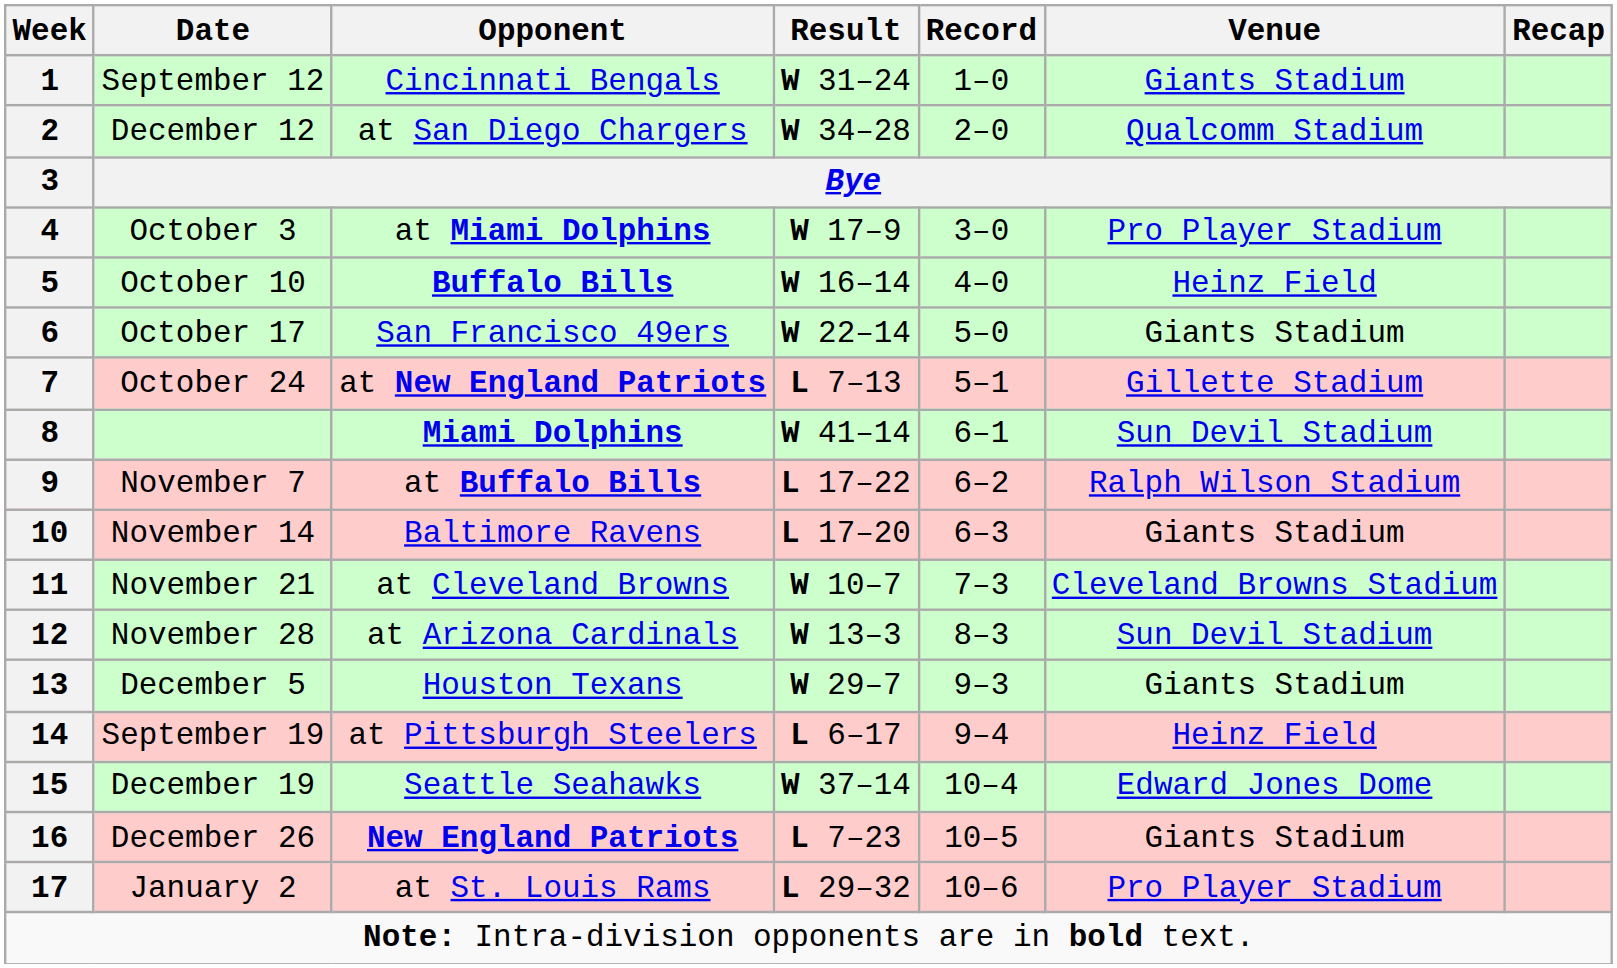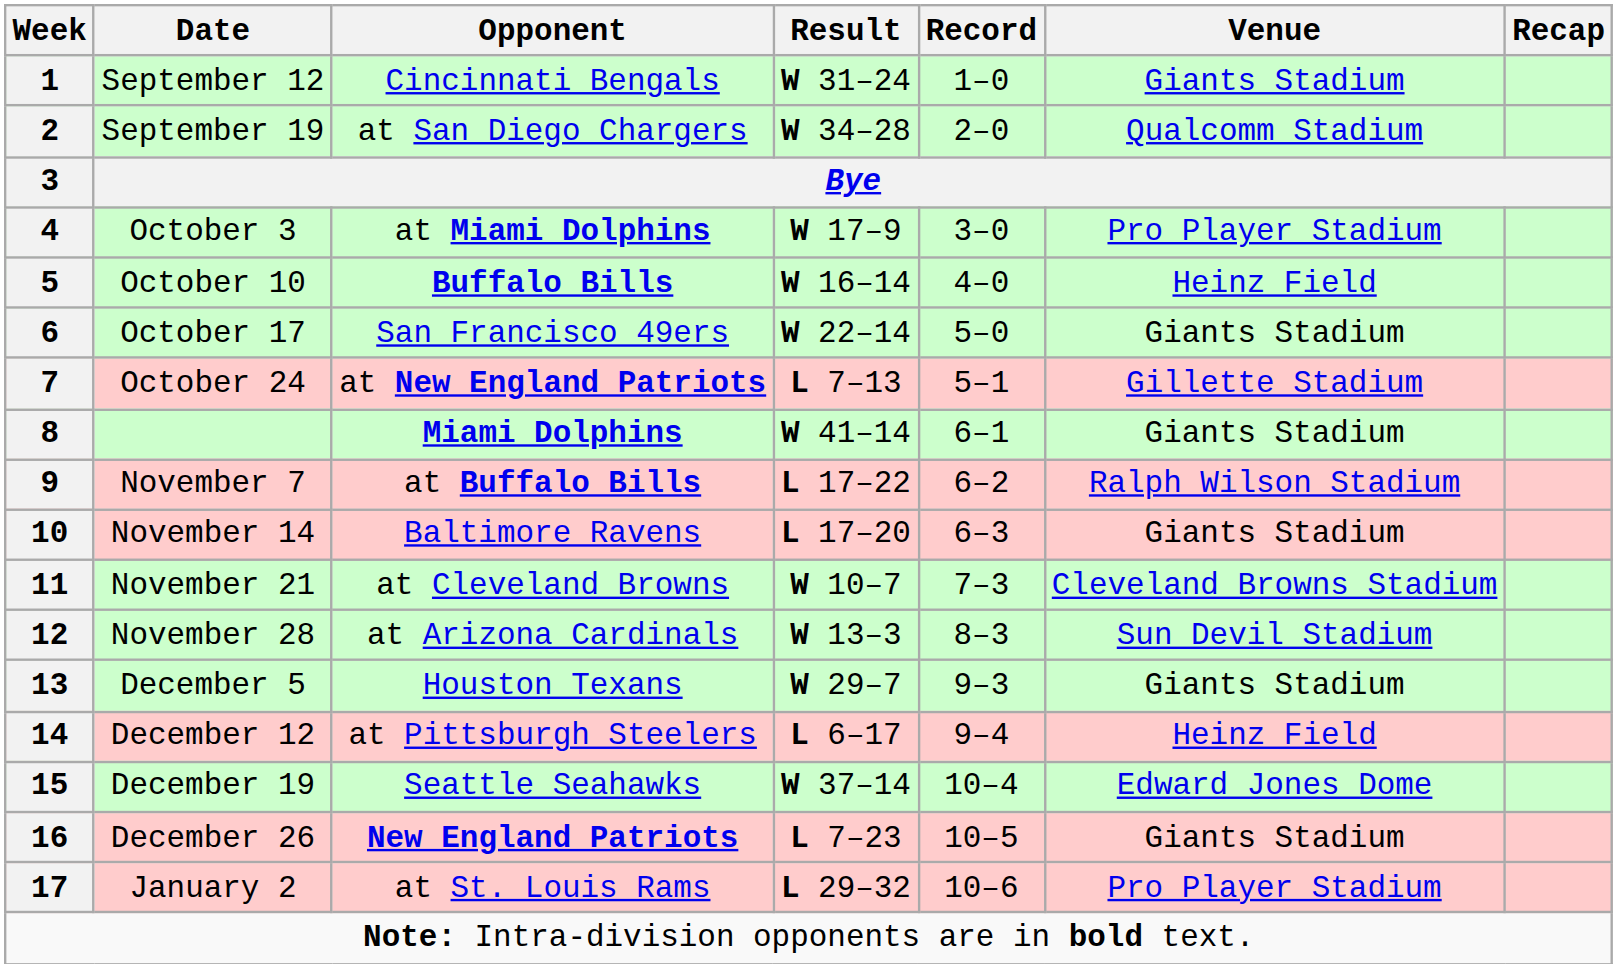 <table class="wikitable"style="text-align:center">
 <tr>
 <th>Week</th>
 <th>Date</th>
 <th>Opponent</th>
 <th>Result</th>
 <th>Record</th>
 <th>Venue</th>
 <th>Recap</th>
 </tr>
 <tr style="background:#cfc">
 <th>1</th>
 <td>September 12</td>
 <td><a href='#'>Cincinnati Bengals</a></td>
 <td><strong>W</strong> 31–24</td>
 <td>1–0</td>
 <td><a href='#'>Giants Stadium</a></td>
 <td></td>
 </tr>
 <tr style="background:#cfc">
 <th>2</th>
-<td>December 12</td>
+<td>September 19</td>
 <td>at <a href='#'>San Diego Chargers</a></td>
 <td><strong>W</strong> 34–28</td>
 <td>2–0</td>
 <td><a href='#'>Qualcomm Stadium</a></td>
 <td></td>
 </tr>
 <tr>
 <th>3</th>
 <th colspan="6"><em><a href='#'>Bye</a></em></th>
 </tr>
 <tr style="background:#cfc">
 <th>4</th>
 <td>October 3</td>
 <td>at <strong><a href='#'>Miami Dolphins</a></strong></td>
 <td><strong>W</strong> 17–9</td>
 <td>3–0</td>
 <td><a href='#'>Pro Player Stadium</a></td>
 <td></td>
 </tr>
 <tr style="background:#cfc">
 <th>5</th>
 <td>October 10</td>
 <td><strong><a href='#'>Buffalo Bills</a></strong></td>
 <td><strong>W</strong> 16–14</td>
 <td>4–0</td>
 <td><a href='#'>Heinz Field</a></td>
 <td></td>
 </tr>
 <tr style="background:#cfc">
 <th>6</th>
 <td>October 17</td>
 <td><a href='#'>San Francisco 49ers</a></td>
 <td><strong>W</strong> 22–14</td>
 <td>5–0</td>
 <td>Giants Stadium</td>
 <td></td>
 </tr>
 <tr style="background:#fcc">
 <th>7</th>
 <td>October 24</td>
 <td>at <strong><a href='#'>New England Patriots</a></strong></td>
 <td><strong>L</strong> 7–13</td>
 <td>5–1</td>
 <td><a href='#'>Gillette Stadium</a></td>
 <td></td>
 </tr>
 <tr style="background:#cfc">
 <th>8</th>
 <td></td>
 <td><strong><a href='#'>Miami Dolphins</a></strong></td>
 <td><strong>W</strong> 41–14</td>
 <td>6–1</td>
-<td><a href='#'>Sun Devil Stadium</a></td>
+<td>Giants Stadium</td>
 <td></td>
 </tr>
 <tr style="background:#fcc">
 <th>9</th>
 <td>November 7</td>
 <td>at <strong><a href='#'>Buffalo Bills</a></strong></td>
 <td><strong>L</strong> 17–22</td>
 <td>6–2</td>
 <td><a href='#'>Ralph Wilson Stadium</a></td>
 <td></td>
 </tr>
 <tr style="background:#fcc">
 <th>10</th>
 <td>November 14</td>
 <td><a href='#'>Baltimore Ravens</a></td>
 <td><strong>L</strong> 17–20 </td>
 <td>6–3</td>
 <td>Giants Stadium</td>
 <td></td>
 </tr>
 <tr style="background:#cfc">
 <th>11</th>
 <td>November 21</td>
 <td>at <a href='#'>Cleveland Browns</a></td>
 <td><strong>W</strong> 10–7</td>
 <td>7–3</td>
 <td><a href='#'>Cleveland Browns Stadium</a></td>
 <td></td>
 </tr>
 <tr style="background:#cfc">
 <th>12</th>
 <td>November 28</td>
 <td>at <a href='#'>Arizona Cardinals</a></td>
 <td><strong>W</strong> 13–3</td>
 <td>8–3</td>
 <td><a href='#'>Sun Devil Stadium</a></td>
 <td></td>
 </tr>
 <tr style="background:#cfc">
 <th>13</th>
 <td>December 5</td>
 <td><a href='#'>Houston Texans</a></td>
 <td><strong>W</strong> 29–7</td>
 <td>9–3</td>
 <td>Giants Stadium</td>
 <td></td>
 </tr>
 <tr style="background:#fcc">
 <th>14</th>
-<td>September 19</td>
+<td>December 12</td>
 <td>at <a href='#'>Pittsburgh Steelers</a></td>
 <td><strong>L</strong> 6–17</td>
 <td>9–4</td>
 <td><a href='#'>Heinz Field</a></td>
 <td></td>
 </tr>
 <tr style="background:#cfc">
 <th>15</th>
 <td>December 19</td>
 <td><a href='#'>Seattle Seahawks</a></td>
 <td><strong>W</strong> 37–14</td>
 <td>10–4</td>
 <td><a href='#'>Edward Jones Dome</a></td>
 <td></td>
 </tr>
 <tr style="background:#fcc">
 <th>16</th>
 <td>December 26</td>
 <td><strong><a href='#'>New England Patriots</a></strong></td>
 <td><strong>L</strong> 7–23</td>
 <td>10–5</td>
 <td>Giants Stadium</td>
 <td></td>
 </tr>
 <tr style="background:#fcc">
 <th>17</th>
 <td>January 2</td>
 <td>at <a href='#'>St. Louis Rams</a></td>
 <td><strong>L</strong> 29–32 </td>
 <td>10–6</td>
 <td><a href='#'>Pro Player Stadium</a></td>
 <td></td>
 </tr>
 <tr>
 <td colspan="7"><strong>Note:</strong> Intra-division opponents are in <strong>bold</strong> text.</td>
 </tr>
 </table>
